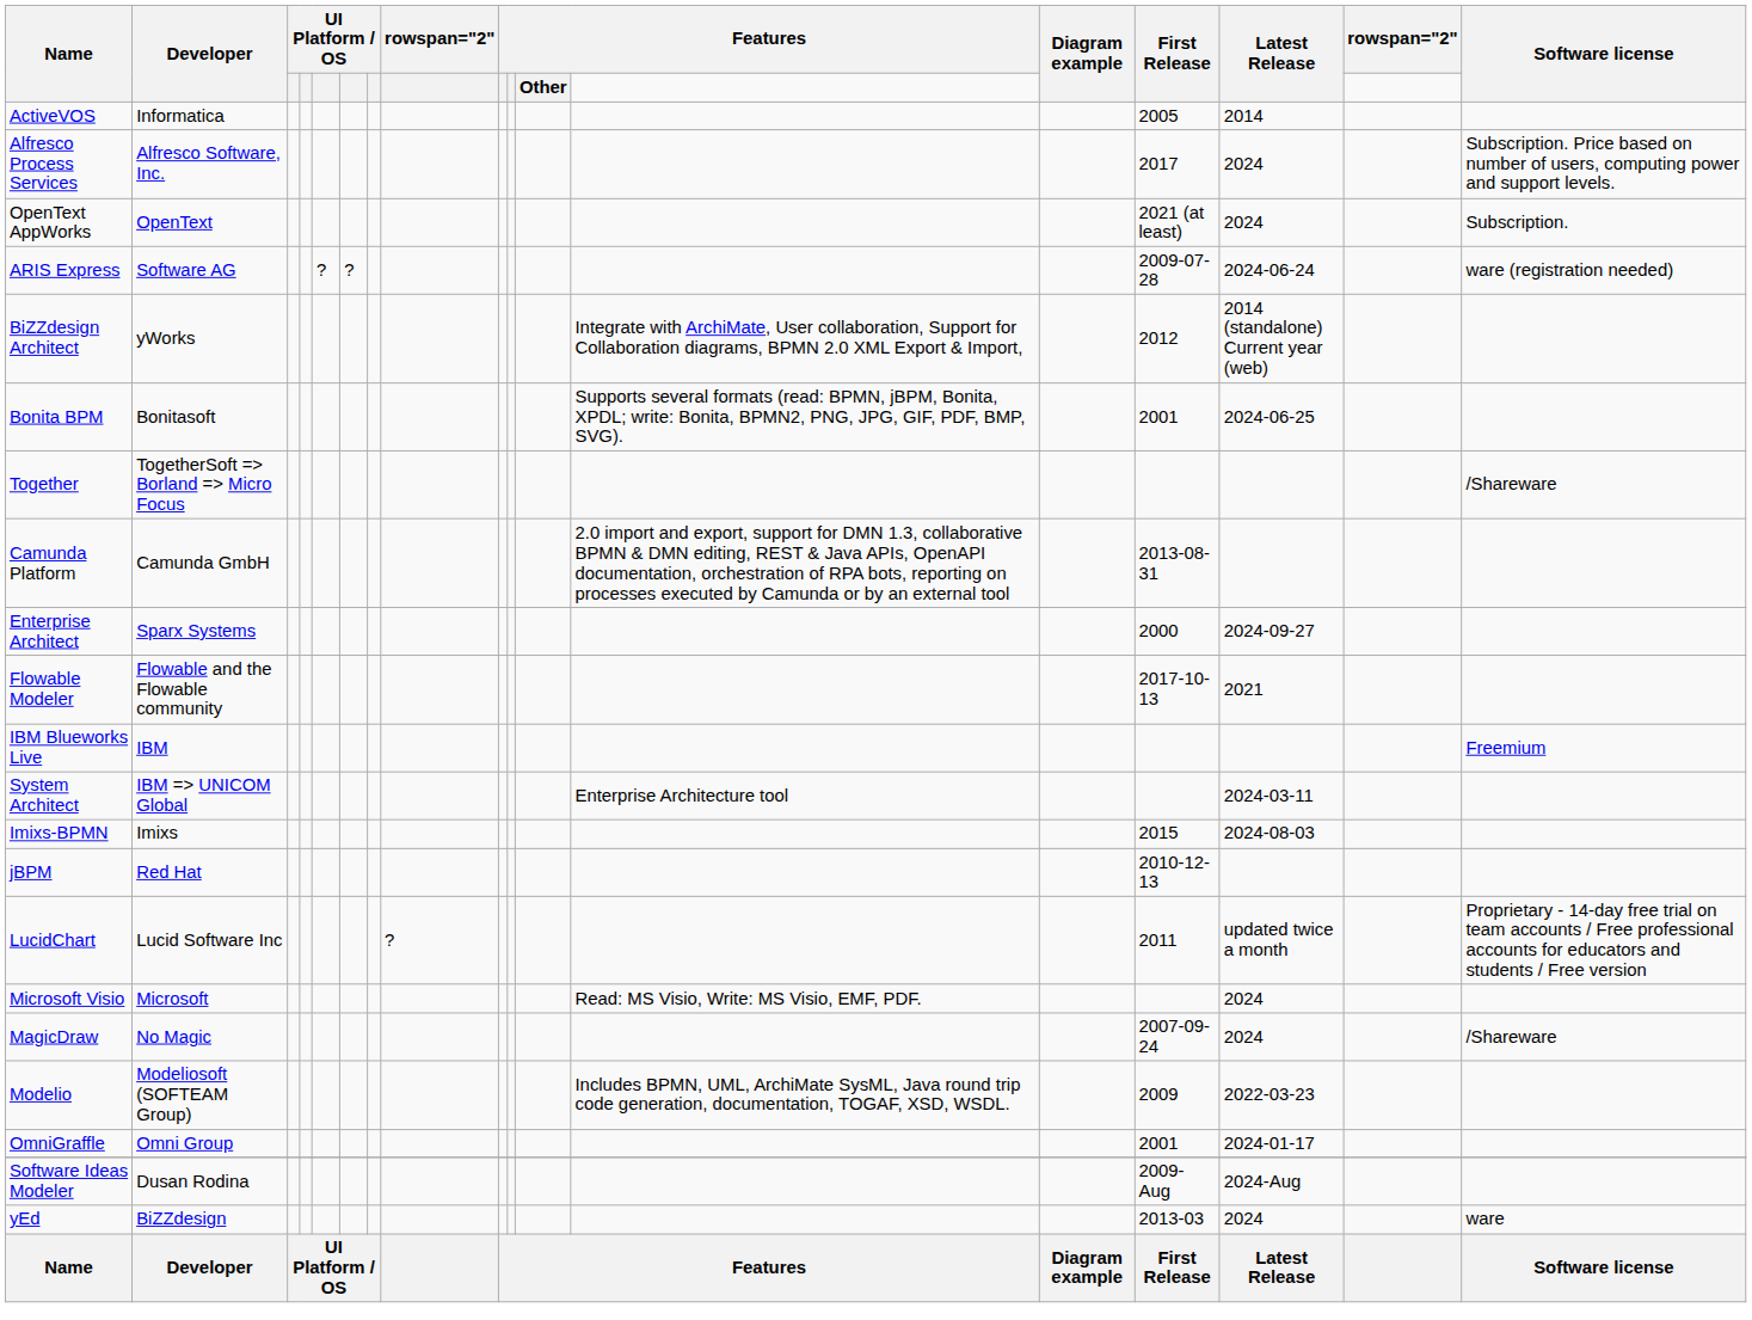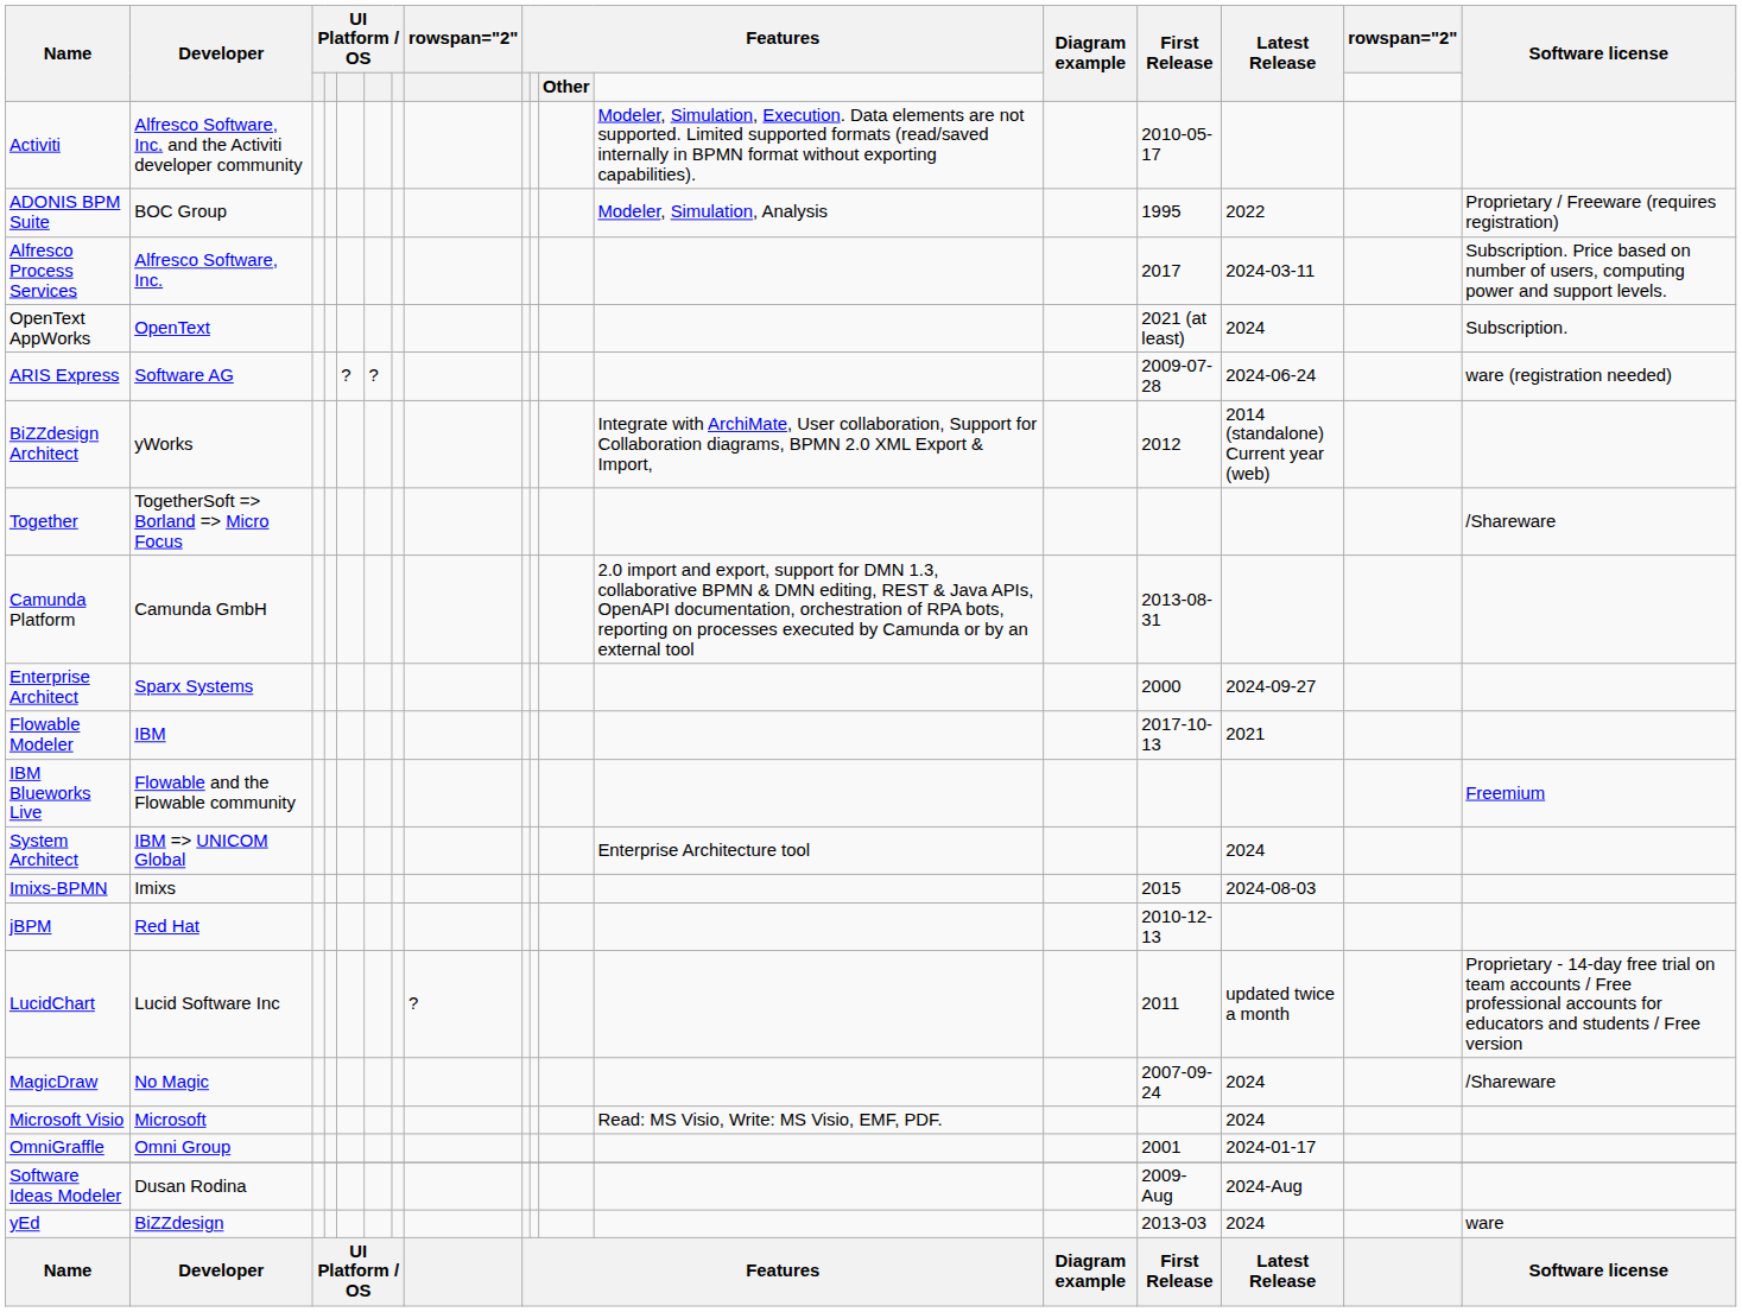 <table class="wikitable sortable sort-under" border="1">
 <tr>
 <th rowspan="2">Name</th>
 <th rowspan="2">Developer</th>
 <th colspan="5">UI Platform / OS</th>
 <th>rowspan="2" </th>
 <th colspan="4">Features</th>
 <th rowspan="2">Diagram example</th>
 <th rowspan="2">First Release</th>
 <th rowspan="2">Latest Release</th>
 <th>rowspan="2" </th>
 <th rowspan="2">Software license</th>
 </tr>
 <tr>
 <th></th>
 <th></th>
 <th></th>
 <th></th>
 <th></th>
 <th></th>
 <th></th>
 <th></th>
 <th>Other</th>
 </tr>
 <tr>
-<td><a href='#'>ActiveVOS</a></td>
-<td>Informatica</td>
+<td><a href='#'>Activiti</a></td>
+<td><a href='#'>Alfresco Software, Inc.</a> and the Activiti developer community</td>
 <td></td>
 <td></td>
 <td></td>
 <td></td>
 <td></td>
 <td></td>
 <td></td>
 <td></td>
 <td></td>
+<td><a href='#'>Modeler</a>, <a href='#'>Simulation</a>, <a href='#'>Execution</a>. Data elements are not supported. Limited supported formats (read/saved internally in BPMN format without exporting capabilities).</td>
+<td></td>
+<td>2010-05-17</td>
 <td></td>
 <td></td>
-<td>2005</td>
-<td>2014</td>
+<td></td>
+</tr>
+<tr>
+<td><a href='#'>ADONIS BPM Suite</a></td>
+<td>BOC Group</td>
 <td></td>
 <td></td>
+<td></td>
+<td></td>
+<td></td>
+<td></td>
+<td></td>
+<td></td>
+<td></td>
+<td><a href='#'>Modeler</a>, <a href='#'>Simulation</a>, Analysis</td>
+<td></td>
+<td>1995</td>
+<td>2022</td>
+<td></td>
+<td>Proprietary / Freeware (requires registration)</td>
 </tr>
 <tr>
 <td><a href='#'>Alfresco Process Services</a></td>
 <td><a href='#'>Alfresco Software, Inc.</a></td>
 <td></td>
 <td></td>
 <td></td>
 <td></td>
 <td></td>
 <td></td>
 <td></td>
 <td></td>
 <td></td>
 <td></td>
 <td></td>
 <td>2017</td>
-<td>2024</td>
+<td>2024-03-11</td>
 <td></td>
 <td>Subscription. Price based on number of users,  computing power and support levels.</td>
 </tr>
 <tr>
 <td>OpenText AppWorks</td>
 <td><a href='#'>OpenText</a></td>
 <td></td>
 <td></td>
 <td></td>
 <td></td>
 <td></td>
 <td></td>
 <td></td>
 <td></td>
 <td></td>
 <td></td>
 <td></td>
 <td>2021 (at least)</td>
 <td>2024</td>
 <td></td>
 <td>Subscription.</td>
 </tr>
 <tr>
 <td><a href='#'>ARIS Express</a></td>
 <td><a href='#'>Software AG</a></td>
 <td></td>
 <td></td>
 <td>?</td>
 <td>?</td>
 <td></td>
 <td></td>
 <td></td>
 <td></td>
 <td></td>
 <td></td>
 <td></td>
 <td>2009-07-28</td>
 <td>2024-06-24</td>
 <td></td>
 <td>ware (registration needed)</td>
 </tr>
 <tr>
 <td><a href='#'>BiZZdesign Architect</a></td>
 <td>yWorks</td>
 <td></td>
 <td></td>
 <td></td>
 <td></td>
 <td></td>
 <td></td>
 <td></td>
 <td></td>
 <td></td>
 <td>Integrate with <a href='#'>ArchiMate</a>, User collaboration, Support for Collaboration diagrams, BPMN 2.0 XML Export & Import,</td>
 <td></td>
 <td>2012</td>
 <td>2014 (standalone)<br>Current year (web)</td>
-<td></td>
-<td></td>
-</tr>
-<tr>
-<td><a href='#'>Bonita BPM</a></td>
-<td>Bonitasoft</td>
-<td></td>
-<td></td>
-<td></td>
-<td></td>
-<td></td>
-<td></td>
-<td></td>
-<td></td>
-<td></td>
-<td>Supports several formats (read: BPMN, jBPM, Bonita, XPDL; write: Bonita, BPMN2, PNG, JPG, GIF, PDF, BMP, SVG).</td>
-<td></td>
-<td>2001</td>
-<td>2024-06-25</td>
 <td></td>
 <td></td>
 </tr>
 <tr>
 <td><a href='#'>Together</a></td>
 <td>TogetherSoft => <a href='#'>Borland</a> => <a href='#'>Micro Focus</a></td>
 <td></td>
 <td></td>
 <td></td>
 <td></td>
 <td></td>
 <td></td>
 <td></td>
 <td></td>
 <td></td>
 <td></td>
 <td></td>
 <td></td>
 <td></td>
 <td></td>
 <td>/Shareware</td>
 </tr>
 <tr>
 <td><a href='#'>Camunda</a> Platform</td>
 <td>Camunda GmbH</td>
 <td></td>
 <td></td>
 <td></td>
 <td></td>
 <td></td>
 <td></td>
 <td></td>
 <td></td>
 <td></td>
 <td>2.0 import and export, support for DMN 1.3, collaborative BPMN & DMN editing, REST & Java APIs, OpenAPI documentation, orchestration of RPA bots, reporting on processes executed by Camunda or by an external tool</td>
 <td></td>
 <td>2013-08-31</td>
 <td></td>
 <td></td>
 <td></td>
 </tr>
 <tr>
 <td><a href='#'>Enterprise Architect</a></td>
 <td><a href='#'>Sparx Systems</a></td>
 <td></td>
 <td></td>
 <td></td>
 <td></td>
 <td></td>
 <td></td>
 <td></td>
 <td></td>
 <td></td>
 <td></td>
 <td></td>
 <td>2000</td>
 <td>2024-09-27</td>
 <td></td>
 <td></td>
 </tr>
 <tr>
 <td><a href='#'>Flowable Modeler</a></td>
-<td><a href='#'>Flowable</a> and the Flowable community</td>
+<td><a href='#'>IBM</a></td>
 <td></td>
 <td></td>
 <td></td>
 <td></td>
 <td></td>
 <td></td>
 <td></td>
 <td></td>
 <td></td>
 <td></td>
 <td></td>
 <td>2017-10-13</td>
 <td>2021</td>
 <td></td>
 <td></td>
 </tr>
 <tr>
 <td><a href='#'>IBM Blueworks Live</a></td>
-<td><a href='#'>IBM</a></td>
+<td><a href='#'>Flowable</a> and the Flowable community</td>
 <td></td>
 <td></td>
 <td></td>
 <td></td>
 <td></td>
 <td></td>
 <td></td>
 <td></td>
 <td></td>
 <td></td>
 <td></td>
 <td></td>
 <td></td>
 <td></td>
 <td><a href='#'>Freemium</a></td>
 </tr>
 <tr>
 <td><a href='#'>System Architect</a></td>
 <td><a href='#'>IBM</a> => <a href='#'>UNICOM Global</a></td>
 <td></td>
 <td></td>
 <td></td>
 <td></td>
 <td></td>
 <td></td>
 <td></td>
 <td></td>
 <td></td>
 <td>Enterprise Architecture tool</td>
 <td></td>
 <td></td>
-<td>2024-03-11</td>
+<td>2024</td>
 <td></td>
 <td></td>
 </tr>
 <tr>
 <td><a href='#'>Imixs-BPMN</a></td>
 <td>Imixs</td>
 <td></td>
 <td></td>
 <td></td>
 <td></td>
 <td></td>
 <td></td>
 <td></td>
 <td></td>
 <td></td>
 <td></td>
 <td></td>
 <td>2015</td>
 <td>2024-08-03</td>
 <td></td>
 <td></td>
 </tr>
 <tr>
 <td><a href='#'>jBPM</a></td>
 <td><a href='#'>Red Hat</a></td>
 <td></td>
 <td></td>
 <td></td>
 <td></td>
 <td></td>
 <td></td>
 <td></td>
 <td></td>
 <td></td>
 <td></td>
 <td></td>
 <td>2010-12-13</td>
 <td></td>
 <td></td>
 <td></td>
 </tr>
 <tr>
 <td><a href='#'>LucidChart</a></td>
 <td>Lucid Software Inc</td>
 <td></td>
 <td></td>
 <td></td>
 <td></td>
 <td></td>
 <td>?</td>
 <td></td>
 <td></td>
 <td></td>
 <td></td>
 <td></td>
 <td>2011</td>
 <td>updated twice a month</td>
 <td></td>
 <td>Proprietary - 14-day free trial on team accounts / Free professional accounts for educators and students / Free version</td>
 </tr>
 <tr>
-<td><a href='#'>Microsoft Visio</a></td>
-<td><a href='#'>Microsoft</a></td>
-<td></td>
-<td></td>
-<td></td>
-<td></td>
-<td></td>
-<td></td>
-<td></td>
-<td></td>
-<td></td>
-<td>Read: MS Visio, Write: MS Visio, EMF, PDF.</td>
-<td></td>
-<td></td>
-<td>2024</td>
-<td></td>
-<td></td>
-</tr>
-<tr>
 <td><a href='#'>MagicDraw</a></td>
 <td><a href='#'>No Magic</a></td>
 <td></td>
 <td></td>
 <td></td>
 <td></td>
 <td></td>
 <td></td>
 <td></td>
 <td></td>
 <td></td>
 <td></td>
 <td></td>
 <td>2007-09-24</td>
 <td>2024</td>
 <td></td>
 <td>/Shareware</td>
 </tr>
 <tr>
-<td><a href='#'>Modelio</a></td>
-<td><a href='#'>Modeliosoft</a> (SOFTEAM Group)</td>
+<td><a href='#'>Microsoft Visio</a></td>
+<td><a href='#'>Microsoft</a></td>
 <td></td>
 <td></td>
 <td></td>
 <td></td>
 <td></td>
 <td></td>
 <td></td>
 <td></td>
 <td></td>
-<td>Includes BPMN, UML, ArchiMate SysML, Java round trip code generation, documentation, TOGAF, XSD, WSDL.</td>
+<td>Read: MS Visio, Write: MS Visio, EMF, PDF.</td>
 <td></td>
-<td>2009</td>
-<td>2022-03-23</td>
+<td></td>
+<td>2024</td>
 <td></td>
 <td></td>
 </tr>
 <tr>
 <td><a href='#'>OmniGraffle</a></td>
 <td><a href='#'>Omni Group</a></td>
 <td></td>
 <td></td>
 <td></td>
 <td></td>
 <td></td>
 <td></td>
 <td></td>
 <td></td>
 <td></td>
 <td></td>
 <td></td>
 <td>2001</td>
 <td>2024-01-17</td>
 <td></td>
 <td></td>
 </tr>
 <tr>
 </tr>
 <tr>
 </tr>
 <tr>
 <td><a href='#'>Software Ideas Modeler</a></td>
 <td>Dusan Rodina</td>
 <td></td>
 <td></td>
 <td></td>
 <td></td>
 <td></td>
 <td></td>
 <td></td>
 <td></td>
 <td></td>
 <td></td>
 <td></td>
 <td>2009-Aug</td>
 <td>2024-Aug</td>
 <td></td>
 <td></td>
 </tr>
 <tr>
 <td><a href='#'>yEd</a></td>
 <td><a href='#'>BiZZdesign</a></td>
 <td></td>
 <td></td>
 <td></td>
 <td></td>
 <td></td>
 <td></td>
 <td></td>
 <td></td>
 <td></td>
 <td></td>
 <td></td>
 <td>2013-03</td>
 <td>2024</td>
 <td></td>
 <td>ware</td>
 </tr>
 <tr class="sortbottom">
 <th>Name</th>
 <th>Developer</th>
 <th colspan="5">UI Platform / OS</th>
 <th></th>
 <th colspan="4">Features</th>
 <th>Diagram example</th>
 <th>First Release</th>
 <th>Latest Release</th>
 <th></th>
 <th>Software license</th>
 </tr>
 </table>
